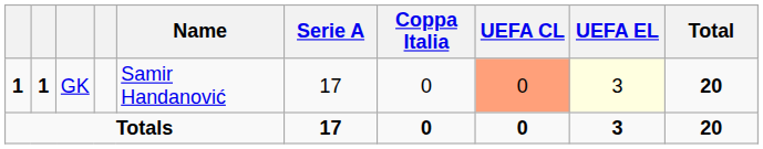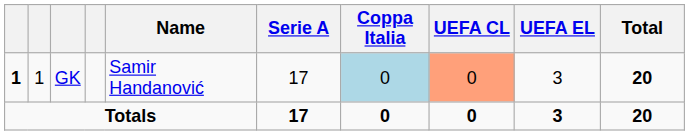 <table class="wikitable" style="text-align:center">
 <tr>
 <th width=15></th>
 <th width=15></th>
 <th width=15></th>
 <th width=15></th>
 <th width=145>Name</th>
 <th width=80><a href='#'>Serie A</a></th>
 <th width=80><a href='#'>Coppa Italia</a></th>
 <th width=80><a href='#'>UEFA CL</a></th>
 <th width=80><a href='#'>UEFA EL</a></th>
 <th width=80>Total</th>
 </tr>
 <tr>
 <td><strong>1</strong></td>
-<td><strong>1</strong></td>
+<td>1</td>
 <td><a href='#'>GK</a></td>
 <td></td>
 <td align=left><a href='#'>Samir Handanović</a></td>
 <td>17</td>
-<td>0</td>
+<td style="background: lightblue;">0</td>
 <td style="background: lightsalmon;">0</td>
-<td style="background: lightyellow;">3</td>
+<td>3</td>
 <td><strong>20</strong></td>
 </tr>
 <tr>
 <td colspan=5><strong>Totals</strong></td>
 <td><strong>17</strong></td>
 <td><strong>0</strong></td>
 <td><strong>0</strong></td>
 <td><strong>3</strong></td>
 <td><strong>20</strong></td>
 </tr>
 </table>
